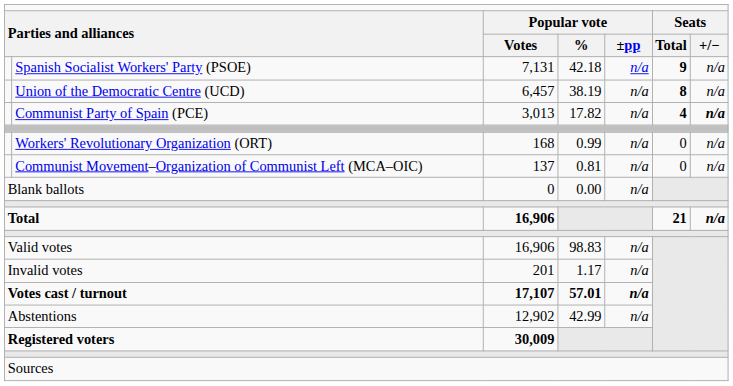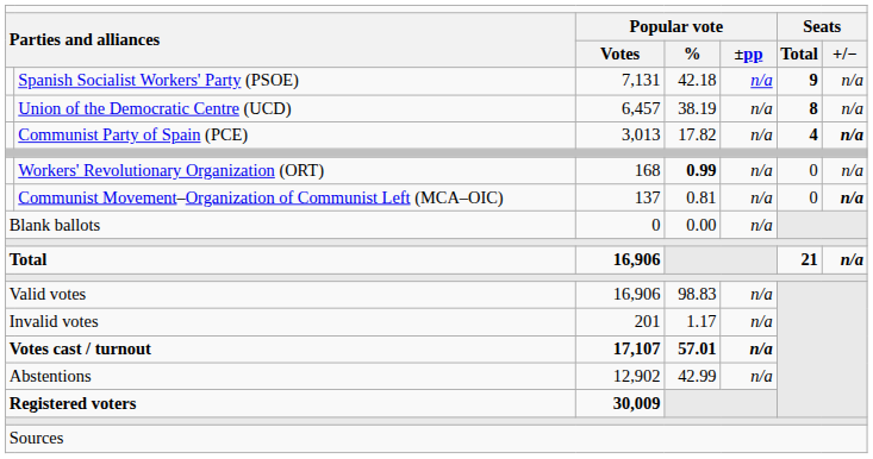 <table class="wikitable" style="text-align:right;">
 <tr>
 <td colspan="7"></td>
 </tr>
 <tr>
 <th style="text-align:left;" rowspan="2" colspan="2" width="525">Parties and alliances</th>
 <th colspan="3">Popular vote</th>
 <th colspan="2">Seats</th>
 </tr>
 <tr>
 <th width="75">Votes</th>
 <th width="45">%</th>
 <th width="45">±<a href='#'>pp</a></th>
 <th width="35">Total</th>
 <th width="35">+/−</th>
 </tr>
 <tr>
 <td width="1" style="color:inherit;background:"></td>
 <td align="left"><a href='#'>Spanish Socialist Workers' Party</a> (PSOE)</td>
 <td>7,131</td>
 <td>42.18</td>
 <td><em><a href='#'>n/a</a></em></td>
 <td><strong>9</strong></td>
 <td><em>n/a</em></td>
 </tr>
 <tr>
 <td style="color:inherit;background:"></td>
 <td align="left"><a href='#'>Union of the Democratic Centre</a> (UCD)</td>
 <td>6,457</td>
 <td>38.19</td>
 <td><em>n/a</em></td>
 <td><strong>8</strong></td>
 <td><em>n/a</em></td>
 </tr>
 <tr>
 <td style="color:inherit;background:"></td>
 <td align="left"><a href='#'>Communist Party of Spain</a> (PCE)</td>
 <td>3,013</td>
 <td>17.82</td>
 <td><em>n/a</em></td>
 <td><strong>4</strong></td>
 <td><strong><em>n/a</em></strong></td>
 </tr>
 <tr>
 <td colspan="7" bgcolor="#C0C0C0"></td>
 </tr>
 <tr>
 <td style="color:inherit;background:"></td>
 <td align="left"><a href='#'>Workers' Revolutionary Organization</a> (ORT)</td>
 <td>168</td>
-<td>0.99</td>
+<td><strong>0.99</strong></td>
 <td><em>n/a</em></td>
 <td>0</td>
 <td><em>n/a</em></td>
 </tr>
 <tr>
 <td style="color:inherit;background:"></td>
 <td align="left"><a href='#'>Communist Movement</a>–<a href='#'>Organization of Communist Left</a> (MCA–OIC)</td>
 <td>137</td>
 <td>0.81</td>
 <td><em>n/a</em></td>
 <td>0</td>
-<td><em>n/a</em></td>
+<td><strong><em>n/a</em></strong></td>
 </tr>
 <tr>
 <td align="left" colspan="2">Blank ballots</td>
 <td>0</td>
 <td>0.00</td>
 <td><em>n/a</em></td>
 <td bgcolor="#E9E9E9" colspan="2"></td>
 </tr>
 <tr>
 <td colspan="7" bgcolor="#E9E9E9"></td>
 </tr>
 <tr style="font-weight:bold;">
 <td align="left" colspan="2">Total</td>
 <td>16,906</td>
 <td bgcolor="#E9E9E9" colspan="2"></td>
 <td>21</td>
 <td><em>n/a</em></td>
 </tr>
 <tr>
 <td colspan="7" bgcolor="#E9E9E9"></td>
 </tr>
 <tr>
 <td align="left" colspan="2">Valid votes</td>
 <td>16,906</td>
 <td>98.83</td>
 <td><em>n/a</em></td>
 <td bgcolor="#E9E9E9" colspan="2" rowspan="5"></td>
 </tr>
 <tr>
 <td align="left" colspan="2">Invalid votes</td>
 <td>201</td>
 <td>1.17</td>
 <td><em>n/a</em></td>
 </tr>
 <tr style="font-weight:bold;">
 <td align="left" colspan="2">Votes cast / turnout</td>
 <td>17,107</td>
 <td>57.01</td>
 <td><em>n/a</em></td>
 </tr>
 <tr>
 <td align="left" colspan="2">Abstentions</td>
 <td>12,902</td>
 <td>42.99</td>
 <td><em>n/a</em></td>
 </tr>
 <tr style="font-weight:bold;">
 <td align="left" colspan="2">Registered voters</td>
 <td>30,009</td>
 <td bgcolor="#E9E9E9" colspan="2"></td>
 </tr>
 <tr>
 <td colspan="7" bgcolor="#E9E9E9"></td>
 </tr>
 <tr>
 <td align="left" colspan="7">Sources</td>
 </tr>
 </table>
